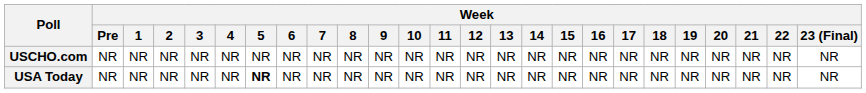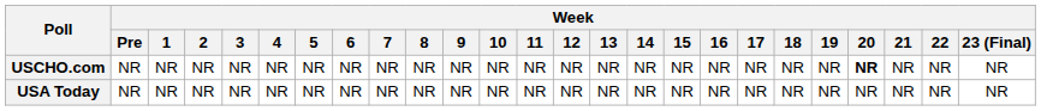 <table class="wikitable" style="white-space:nowrap;">
 <tr>
 <th scope="col" width="100" rowspan="2">Poll</th>
 <th colspan="30">Week</th>
 </tr>
 <tr>
 <th scope="col" width="30">Pre</th>
 <th scope="col" width="30">1</th>
 <th scope="col" width="30">2</th>
 <th scope="col" width="30">3</th>
 <th scope="col" width="30">4</th>
 <th scope="col" width="30">5</th>
 <th scope="col" width="30">6</th>
 <th scope="col" width="30">7</th>
 <th scope="col" width="30">8</th>
 <th scope="col" width="30">9</th>
 <th scope="col" width="30">10</th>
 <th scope="col" width="30">11</th>
 <th scope="col" width="30">12</th>
 <th scope="col" width="30">13</th>
 <th scope="col" width="30">14</th>
 <th scope="col" width="30">15</th>
 <th scope="col" width="30">16</th>
 <th scope="col" width="30">17</th>
 <th scope="col" width="30">18</th>
 <th scope="col" width="30">19</th>
 <th scope="col" width="30">20</th>
 <th scope="col" width="30">21</th>
 <th scope="col" width="30">22</th>
 <th scope="col" width="30">23 (Final)</th>
 </tr>
 <tr style="text-align:center;">
 <th>USCHO.com</th>
 <td bgcolor=FFFFFF>NR</td>
 <td bgcolor=FFFFFF>NR</td>
 <td bgcolor=FFFFFF>NR</td>
 <td bgcolor=FFFFFF>NR</td>
 <td bgcolor=FFFFFF>NR</td>
 <td bgcolor=FFFFFF>NR</td>
 <td bgcolor=FFFFFF>NR</td>
 <td bgcolor=FFFFFF>NR</td>
 <td bgcolor=FFFFFF>NR</td>
 <td bgcolor=FFFFFF>NR</td>
 <td bgcolor=FFFFFF>NR</td>
 <td bgcolor=FFFFFF>NR</td>
 <td bgcolor=FFFFFF>NR</td>
 <td bgcolor=FFFFFF>NR</td>
 <td bgcolor=FFFFFF>NR</td>
 <td bgcolor=FFFFFF>NR</td>
 <td bgcolor=FFFFFF>NR</td>
 <td bgcolor=FFFFFF>NR</td>
 <td bgcolor=FFFFFF>NR</td>
 <td bgcolor=FFFFFF>NR</td>
-<td bgcolor=FFFFFF>NR</td>
+<td bgcolor=FFFFFF><strong>NR</strong></td>
 <td bgcolor=FFFFFF>NR</td>
 <td bgcolor=FFFFFF>NR</td>
 <td bgcolor=FFFFFF>NR</td>
 </tr>
 <tr style="text-align:center;">
 <th>USA Today</th>
 <td bgcolor=FFFFFF>NR</td>
 <td bgcolor=FFFFFF>NR</td>
 <td bgcolor=FFFFFF>NR</td>
 <td bgcolor=FFFFFF>NR</td>
 <td bgcolor=FFFFFF>NR</td>
-<td bgcolor=FFFFFF><strong>NR</strong></td>
+<td bgcolor=FFFFFF>NR</td>
 <td bgcolor=FFFFFF>NR</td>
 <td bgcolor=FFFFFF>NR</td>
 <td bgcolor=FFFFFF>NR</td>
 <td bgcolor=FFFFFF>NR</td>
 <td bgcolor=FFFFFF>NR</td>
 <td bgcolor=FFFFFF>NR</td>
 <td bgcolor=FFFFFF>NR</td>
 <td bgcolor=FFFFFF>NR</td>
 <td bgcolor=FFFFFF>NR</td>
 <td bgcolor=FFFFFF>NR</td>
 <td bgcolor=FFFFFF>NR</td>
 <td bgcolor=FFFFFF>NR</td>
 <td bgcolor=FFFFFF>NR</td>
 <td bgcolor=FFFFFF>NR</td>
 <td bgcolor=FFFFFF>NR</td>
 <td bgcolor=FFFFFF>NR</td>
 <td bgcolor=FFFFFF>NR</td>
 <td bgcolor=FFFFFF>NR</td>
 </tr>
 </table>
